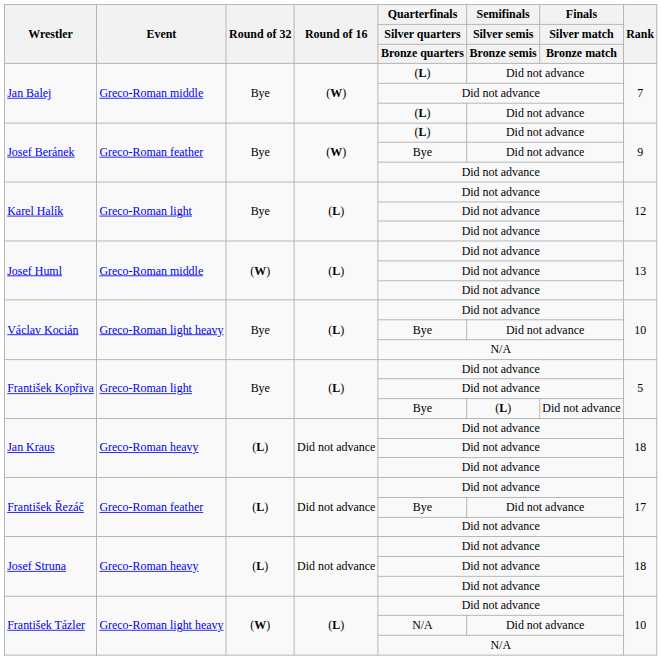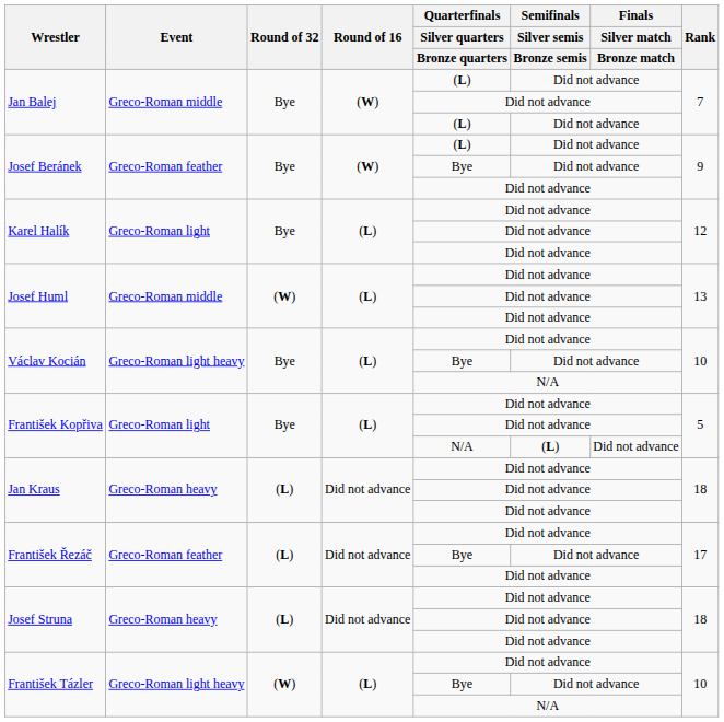 <table class=wikitable style="font-size:90%">
 <tr>
 <th rowspan=3>Wrestler</th>
 <th rowspan=3>Event</th>
 <th rowspan=3>Round of 32</th>
 <th rowspan=3>Round of 16</th>
 <th>Quarterfinals</th>
 <th>Semifinals</th>
 <th>Finals</th>
 <th rowspan=3>Rank</th>
 </tr>
 <tr>
 <th>Silver quarters</th>
 <th>Silver semis</th>
 <th>Silver match</th>
 </tr>
 <tr>
 <th>Bronze quarters</th>
 <th>Bronze semis</th>
 <th>Bronze match</th>
 </tr>
 <tr>
 <td rowspan=3><a href='#'>Jan Balej</a></td>
 <td rowspan=3><a href='#'>Greco-Roman middle</a></td>
 <td align=center rowspan=3>Bye</td>
 <td rowspan=3 align=center> (<strong>W</strong>)</td>
 <td align=center> (<strong>L</strong>)</td>
 <td align=center colspan=2>Did not advance</td>
 <td rowspan=3 align=center>7</td>
 </tr>
 <tr>
 <td align=center colspan=3>Did not advance</td>
 </tr>
 <tr>
 <td align=center> (<strong>L</strong>)</td>
 <td align=center colspan=2>Did not advance</td>
 </tr>
 <tr>
 <td rowspan=3><a href='#'>Josef Beránek</a></td>
 <td rowspan=3><a href='#'>Greco-Roman feather</a></td>
 <td rowspan=3 align=center>Bye</td>
 <td rowspan=3 align=center> (<strong>W</strong>)</td>
 <td align=center> (<strong>L</strong>)</td>
 <td align=center colspan=2>Did not advance</td>
 <td rowspan=3 align=center>9</td>
 </tr>
 <tr>
 <td align=center>Bye</td>
 <td align=center colspan=2>Did not advance</td>
 </tr>
 <tr>
 <td align=center colspan=3>Did not advance</td>
 </tr>
 <tr>
 <td rowspan=3><a href='#'>Karel Halík</a></td>
 <td rowspan=3><a href='#'>Greco-Roman light</a></td>
 <td align=center rowspan=3>Bye</td>
 <td rowspan=3 align=center> (<strong>L</strong>)</td>
 <td align=center colspan=3>Did not advance</td>
 <td rowspan=3 align=center>12</td>
 </tr>
 <tr>
 <td align=center colspan=3>Did not advance</td>
 </tr>
 <tr>
 <td align=center colspan=3>Did not advance</td>
 </tr>
 <tr>
 <td rowspan=3><a href='#'>Josef Huml</a></td>
 <td rowspan=3><a href='#'>Greco-Roman middle</a></td>
 <td rowspan=3 align=center> (<strong>W</strong>)</td>
 <td rowspan=3 align=center> (<strong>L</strong>)</td>
 <td align=center colspan=3>Did not advance</td>
 <td rowspan=3 align=center>13</td>
 </tr>
 <tr>
 <td align=center colspan=3>Did not advance</td>
 </tr>
 <tr>
 <td align=center colspan=3>Did not advance</td>
 </tr>
 <tr>
 <td rowspan=3><a href='#'>Václav Kocián</a></td>
 <td rowspan=3><a href='#'>Greco-Roman light heavy</a></td>
 <td rowspan=3 align=center>Bye</td>
 <td rowspan=3 align=center> (<strong>L</strong>)</td>
 <td align=center colspan=3>Did not advance</td>
 <td rowspan=3 align=center>10</td>
 </tr>
 <tr>
 <td align=center>Bye</td>
 <td align=center colspan=2>Did not advance</td>
 </tr>
 <tr>
 <td align=center colspan=3>N/A</td>
 </tr>
 <tr>
 <td rowspan=3><a href='#'>František Kopřiva</a></td>
 <td rowspan=3><a href='#'>Greco-Roman light</a></td>
 <td align=center rowspan=3>Bye</td>
 <td rowspan=3 align=center> (<strong>L</strong>)</td>
 <td align=center colspan=3>Did not advance</td>
 <td rowspan=3 align=center>5</td>
 </tr>
 <tr>
 <td align=center colspan=3>Did not advance</td>
 </tr>
 <tr>
-<td align=center>Bye</td>
+<td align=center>N/A</td>
 <td align=center> (<strong>L</strong>)</td>
 <td align=center>Did not advance</td>
 </tr>
 <tr>
 <td rowspan=3><a href='#'>Jan Kraus</a></td>
 <td rowspan=3><a href='#'>Greco-Roman heavy</a></td>
 <td rowspan=3 align=center> (<strong>L</strong>)</td>
 <td rowspan=3 align=center>Did not advance</td>
 <td align=center colspan=3>Did not advance</td>
 <td rowspan=3 align=center>18</td>
 </tr>
 <tr>
 <td align=center colspan=3>Did not advance</td>
 </tr>
 <tr>
 <td align=center colspan=3>Did not advance</td>
 </tr>
 <tr>
 <td rowspan=3><a href='#'>František Řezáč</a></td>
 <td rowspan=3><a href='#'>Greco-Roman feather</a></td>
 <td rowspan=3 align=center> (<strong>L</strong>)</td>
 <td align=center rowspan=3>Did not advance</td>
 <td align=center colspan=3>Did not advance</td>
 <td rowspan=3 align=center>17</td>
 </tr>
 <tr>
 <td align=center>Bye</td>
 <td align=center colspan=2>Did not advance</td>
 </tr>
 <tr>
 <td align=center colspan=3>Did not advance</td>
 </tr>
 <tr>
 <td rowspan=3><a href='#'>Josef Struna</a></td>
 <td rowspan=3><a href='#'>Greco-Roman heavy</a></td>
 <td rowspan=3 align=center> (<strong>L</strong>)</td>
 <td rowspan=3 align=center>Did not advance</td>
 <td align=center colspan=3>Did not advance</td>
 <td rowspan=3 align=center>18</td>
 </tr>
 <tr>
 <td align=center colspan=3>Did not advance</td>
 </tr>
 <tr>
 <td align=center colspan=3>Did not advance</td>
 </tr>
 <tr>
 <td rowspan=3><a href='#'>František Tázler</a></td>
 <td rowspan=3><a href='#'>Greco-Roman light heavy</a></td>
 <td rowspan=3 align=center> (<strong>W</strong>)</td>
 <td rowspan=3 align=center> (<strong>L</strong>)</td>
 <td align=center colspan=3>Did not advance</td>
 <td rowspan=3 align=center>10</td>
 </tr>
 <tr>
-<td align=center>N/A</td>
+<td align=center>Bye</td>
 <td align=center colspan=2>Did not advance</td>
 </tr>
 <tr>
 <td align=center colspan=3>N/A</td>
 </tr>
 </table>
